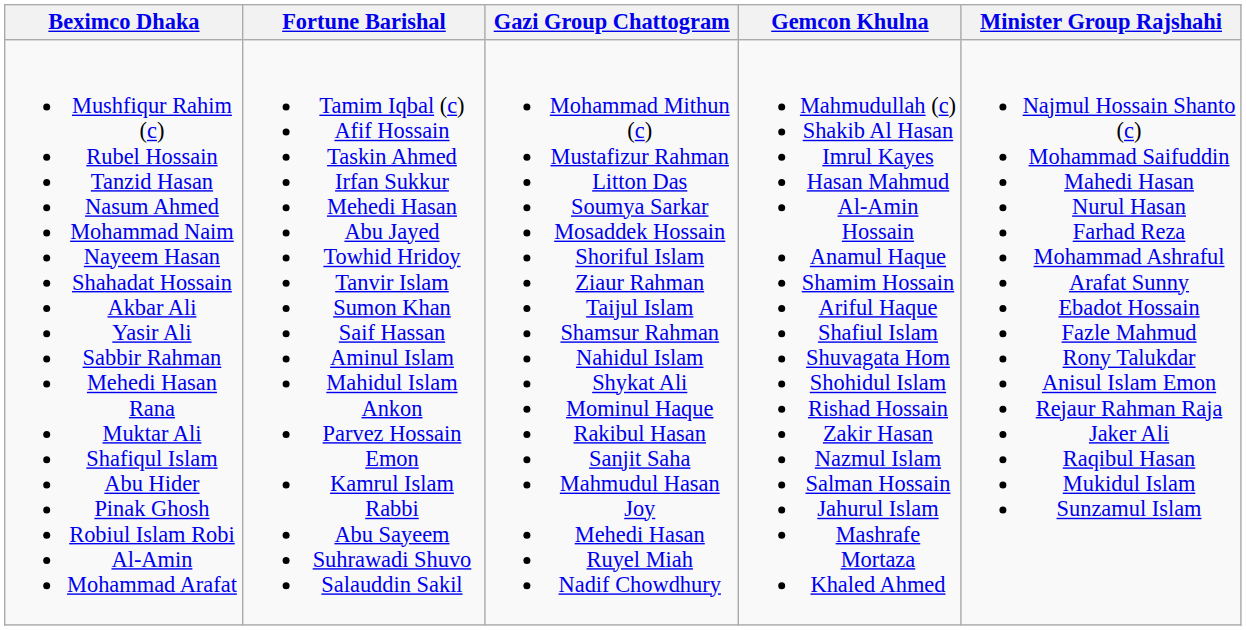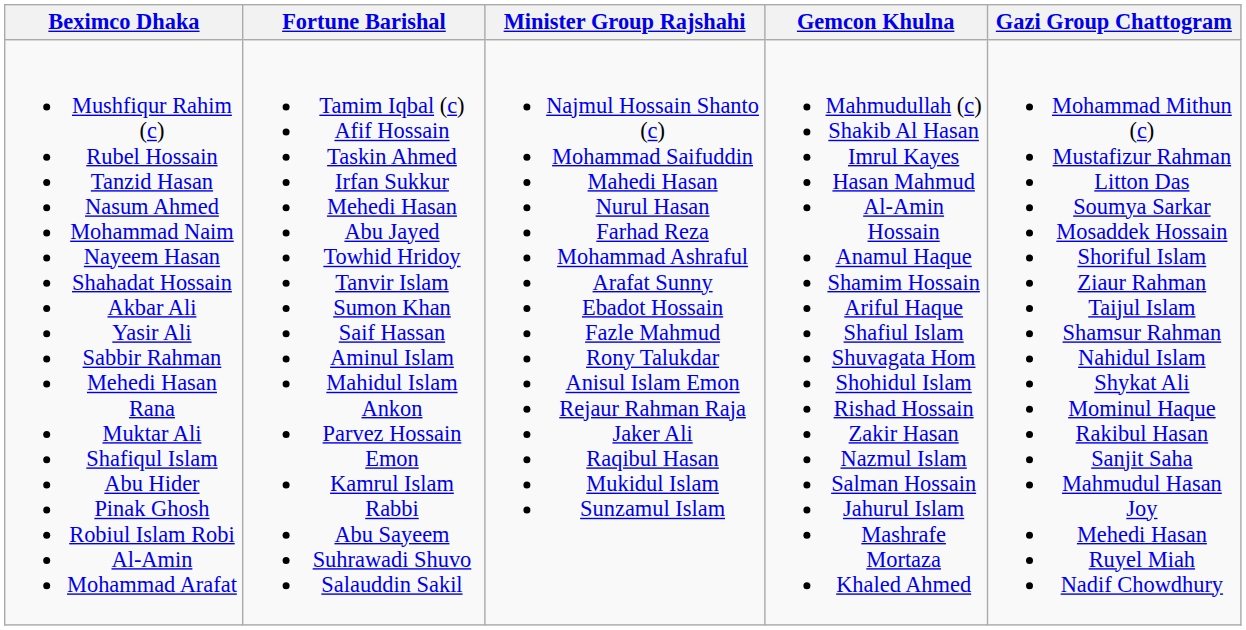 <table class="wikitable" style="text-align:center; margin:auto">
 <tr>
 <th><a href='#'>Beximco Dhaka</a></th>
 <th><a href='#'>Fortune Barishal</a></th>
+<th><a href='#'>Minister Group Rajshahi</a></th>
+<th><a href='#'>Gemcon Khulna</a></th>
 <th><a href='#'>Gazi Group Chattogram</a></th>
-<th><a href='#'>Gemcon Khulna</a></th>
-<th><a href='#'>Minister Group Rajshahi</a></th>
 </tr>
 <tr style="vertical-align:top">
 <td><br><ul><li><a href='#'>Mushfiqur Rahim</a> (<a href='#'>c</a>)</li><li><a href='#'>Rubel Hossain</a></li><li><a href='#'>Tanzid Hasan</a></li><li><a href='#'>Nasum Ahmed</a></li><li><a href='#'>Mohammad Naim</a></li><li><a href='#'>Nayeem Hasan</a></li><li><a href='#'>Shahadat Hossain</a></li><li><a href='#'>Akbar Ali</a></li><li><a href='#'>Yasir Ali</a></li><li><a href='#'>Sabbir Rahman</a></li><li><a href='#'>Mehedi Hasan Rana</a></li><li><a href='#'>Muktar Ali</a></li><li><a href='#'>Shafiqul Islam</a></li><li><a href='#'>Abu Hider</a></li><li><a href='#'>Pinak Ghosh</a></li><li><a href='#'>Robiul Islam Robi</a></li><li><a href='#'>Al-Amin</a></li><li><a href='#'>Mohammad Arafat</a></li></ul></td>
 <td><br><ul><li><a href='#'>Tamim Iqbal</a> (<a href='#'>c</a>)</li><li><a href='#'>Afif Hossain</a></li><li><a href='#'>Taskin Ahmed</a></li><li><a href='#'>Irfan Sukkur</a></li><li><a href='#'>Mehedi Hasan</a></li><li><a href='#'>Abu Jayed</a></li><li><a href='#'>Towhid Hridoy</a></li><li><a href='#'>Tanvir Islam</a></li><li><a href='#'>Sumon Khan</a></li><li><a href='#'>Saif Hassan</a></li><li><a href='#'>Aminul Islam</a></li><li><a href='#'>Mahidul Islam Ankon</a></li><li><a href='#'>Parvez Hossain Emon</a></li><li><a href='#'>Kamrul Islam Rabbi</a></li><li><a href='#'>Abu Sayeem</a></li><li><a href='#'>Suhrawadi Shuvo</a></li><li><a href='#'>Salauddin Sakil</a></li></ul></td>
+<td><br><ul><li><a href='#'>Najmul Hossain Shanto</a>  (<a href='#'>c</a>)</li><li><a href='#'>Mohammad Saifuddin</a></li><li><a href='#'>Mahedi Hasan</a></li><li><a href='#'>Nurul Hasan</a></li><li><a href='#'>Farhad Reza</a></li><li><a href='#'>Mohammad Ashraful</a></li><li><a href='#'>Arafat Sunny</a></li><li><a href='#'>Ebadot Hossain</a></li><li><a href='#'>Fazle Mahmud</a></li><li><a href='#'>Rony Talukdar</a></li><li><a href='#'>Anisul Islam Emon</a></li><li><a href='#'>Rejaur Rahman Raja</a></li><li><a href='#'>Jaker Ali</a></li><li><a href='#'>Raqibul Hasan</a></li><li><a href='#'>Mukidul Islam</a></li><li><a href='#'>Sunzamul Islam</a></li></ul></td>
+<td><br><ul><li><a href='#'>Mahmudullah</a> (<a href='#'>c</a>)</li><li><a href='#'>Shakib Al Hasan</a></li><li><a href='#'>Imrul Kayes</a></li><li><a href='#'>Hasan Mahmud</a></li><li><a href='#'>Al-Amin Hossain</a></li><li><a href='#'>Anamul Haque</a></li><li><a href='#'>Shamim Hossain</a></li><li><a href='#'>Ariful Haque</a></li><li><a href='#'>Shafiul Islam</a></li><li><a href='#'>Shuvagata Hom</a></li><li><a href='#'>Shohidul Islam</a></li><li><a href='#'>Rishad Hossain</a></li><li><a href='#'>Zakir Hasan</a></li><li><a href='#'>Nazmul Islam</a></li><li><a href='#'>Salman Hossain</a></li><li><a href='#'>Jahurul Islam</a></li><li><a href='#'>Mashrafe Mortaza</a></li><li><a href='#'>Khaled Ahmed</a></li></ul></td>
 <td><br><ul><li><a href='#'>Mohammad Mithun</a> (<a href='#'>c</a>)</li><li><a href='#'>Mustafizur Rahman</a></li><li><a href='#'>Litton Das</a></li><li><a href='#'>Soumya Sarkar</a></li><li><a href='#'>Mosaddek Hossain</a></li><li><a href='#'>Shoriful Islam</a></li><li><a href='#'>Ziaur Rahman</a></li><li><a href='#'>Taijul Islam</a></li><li><a href='#'>Shamsur Rahman</a></li><li><a href='#'>Nahidul Islam</a></li><li><a href='#'>Shykat Ali</a></li><li><a href='#'>Mominul Haque</a></li><li><a href='#'>Rakibul Hasan</a></li><li><a href='#'>Sanjit Saha</a></li><li><a href='#'>Mahmudul Hasan Joy</a></li><li><a href='#'>Mehedi Hasan</a></li><li><a href='#'>Ruyel Miah</a></li><li><a href='#'>Nadif Chowdhury</a></li></ul></td>
-<td><br><ul><li><a href='#'>Mahmudullah</a> (<a href='#'>c</a>)</li><li><a href='#'>Shakib Al Hasan</a></li><li><a href='#'>Imrul Kayes</a></li><li><a href='#'>Hasan Mahmud</a></li><li><a href='#'>Al-Amin Hossain</a></li><li><a href='#'>Anamul Haque</a></li><li><a href='#'>Shamim Hossain</a></li><li><a href='#'>Ariful Haque</a></li><li><a href='#'>Shafiul Islam</a></li><li><a href='#'>Shuvagata Hom</a></li><li><a href='#'>Shohidul Islam</a></li><li><a href='#'>Rishad Hossain</a></li><li><a href='#'>Zakir Hasan</a></li><li><a href='#'>Nazmul Islam</a></li><li><a href='#'>Salman Hossain</a></li><li><a href='#'>Jahurul Islam</a></li><li><a href='#'>Mashrafe Mortaza</a></li><li><a href='#'>Khaled Ahmed</a></li></ul></td>
-<td><br><ul><li><a href='#'>Najmul Hossain Shanto</a>  (<a href='#'>c</a>)</li><li><a href='#'>Mohammad Saifuddin</a></li><li><a href='#'>Mahedi Hasan</a></li><li><a href='#'>Nurul Hasan</a></li><li><a href='#'>Farhad Reza</a></li><li><a href='#'>Mohammad Ashraful</a></li><li><a href='#'>Arafat Sunny</a></li><li><a href='#'>Ebadot Hossain</a></li><li><a href='#'>Fazle Mahmud</a></li><li><a href='#'>Rony Talukdar</a></li><li><a href='#'>Anisul Islam Emon</a></li><li><a href='#'>Rejaur Rahman Raja</a></li><li><a href='#'>Jaker Ali</a></li><li><a href='#'>Raqibul Hasan</a></li><li><a href='#'>Mukidul Islam</a></li><li><a href='#'>Sunzamul Islam</a></li></ul></td>
 </tr>
 </table>
